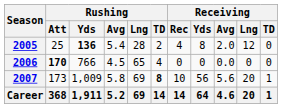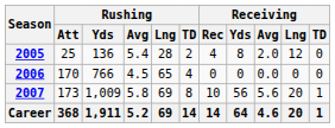 <table class="wikitable" style="text-align:center;">
 <tr>
 <th rowspan="2">Season</th>
 <th colspan="5">Rushing</th>
 <th colspan="5">Receiving</th>
 </tr>
 <tr>
 <th>Att</th>
 <th>Yds</th>
 <th>Avg</th>
 <th>Lng</th>
 <th>TD</th>
 <th>Rec</th>
 <th>Yds</th>
 <th>Avg</th>
 <th>Lng</th>
 <th>TD</th>
 </tr>
 <tr>
 <th><a href='#'>2005</a></th>
 <td>25</td>
-<td><strong>136</strong></td>
+<td>136</td>
 <td>5.4</td>
 <td>28</td>
 <td>2</td>
 <td>4</td>
 <td>8</td>
 <td>2.0</td>
 <td>12</td>
 <td>0</td>
 </tr>
 <tr>
 <th><a href='#'>2006</a></th>
-<td><strong>170</strong></td>
+<td>170</td>
 <td>766</td>
 <td>4.5</td>
 <td>65</td>
 <td>4</td>
 <td>0</td>
 <td>0</td>
 <td>0.0</td>
 <td>0</td>
 <td>0</td>
 </tr>
 <tr>
 <th><a href='#'>2007</a></th>
 <td>173</td>
 <td>1,009</td>
 <td>5.8</td>
 <td>69</td>
-<td><strong>8</strong></td>
+<td>8</td>
 <td>10</td>
 <td>56</td>
 <td>5.6</td>
 <td>20</td>
 <td>1</td>
 </tr>
 <tr>
 <th>Career</th>
 <th>368</th>
 <th>1,911</th>
 <th>5.2</th>
 <th>69</th>
 <th>14</th>
 <th>14</th>
 <th>64</th>
 <th>4.6</th>
 <th>20</th>
 <th>1</th>
 </tr>
 </table>
